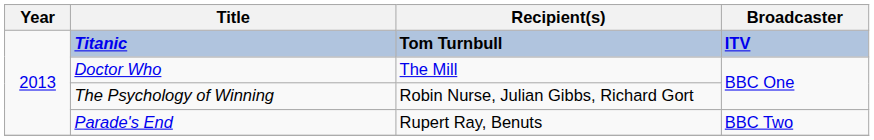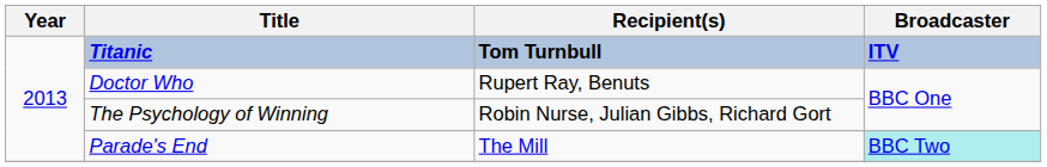 <table class="wikitable" width="95%">
 <tr>
 <th width=5%>Year</th>
 <th width=25%>Title</th>
 <th width=25%>Recipient(s)</th>
 <th width=10%>Broadcaster</th>
 </tr>
 <tr>
 <td rowspan="4" style="text-align:center;"><a href='#'>2013</a></td>
 <td style="background:#B0C4DE;"><strong><em><a href='#'>Titanic</a></em></strong></td>
 <td style="background:#B0C4DE;"><strong>Tom Turnbull</strong></td>
 <td style="background:#B0C4DE;"><strong><a href='#'>ITV</a></strong></td>
 </tr>
 <tr>
 <td><em><a href='#'>Doctor Who</a></em></td>
-<td><a href='#'>The Mill</a></td>
+<td>Rupert Ray, Benuts</td>
 <td rowspan="2"><a href='#'>BBC One</a></td>
 </tr>
 <tr>
 <td><em>The Psychology of Winning</em></td>
 <td>Robin Nurse, Julian Gibbs, Richard Gort</td>
 </tr>
 <tr>
 <td><em><a href='#'>Parade's End</a></em></td>
-<td>Rupert Ray, Benuts</td>
-<td><a href='#'>BBC Two</a></td>
+<td><a href='#'>The Mill</a></td>
+<td style="background: paleturquoise;"><a href='#'>BBC Two</a></td>
 </tr>
 <tr>
 </tr>
 </table>
